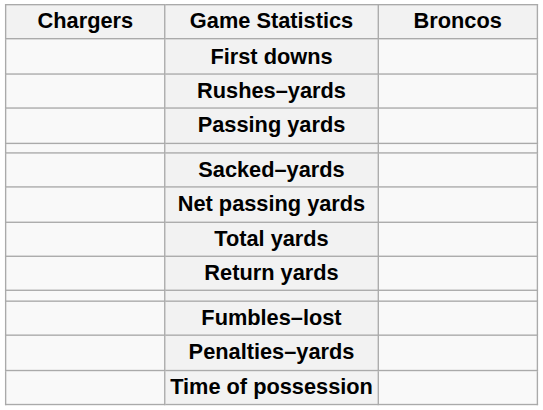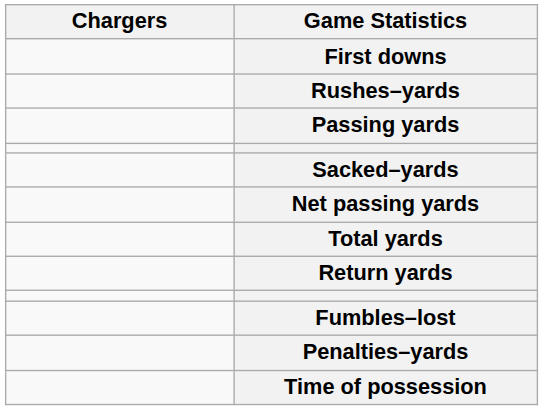 <table class="wikitable" style="margin: 1em auto 1em auto">
 <tr>
 <th style="width:30%;">Chargers</th>
 <th style="width:40%;">Game Statistics</th>
-<th style="width:30%;">Broncos</th>
 </tr>
 <tr>
 <td style="text-align:right;"></td>
 <th>First downs</th>
-<td></td>
 </tr>
 <tr>
 <td style="text-align:right;"></td>
 <th>Rushes–yards</th>
-<td></td>
 </tr>
 <tr>
 <td style="text-align:right;"></td>
 <th>Passing yards</th>
-<td></td>
 </tr>
 <tr>
 <td style="text-align:right;"></td>
 <th></th>
-<td></td>
 </tr>
 <tr>
 <td style="text-align:right;"></td>
 <th>Sacked–yards</th>
-<td></td>
 </tr>
 <tr>
 <td style="text-align:right;"></td>
 <th>Net passing yards</th>
-<td></td>
 </tr>
 <tr>
 <td style="text-align:right;"></td>
 <th>Total yards</th>
-<td></td>
 </tr>
 <tr>
 <td style="text-align:right;"></td>
 <th>Return yards</th>
-<td></td>
 </tr>
 <tr>
 <td style="text-align:right;"></td>
 <th></th>
-<td></td>
 </tr>
 <tr>
 <td style="text-align:right;"></td>
 <th>Fumbles–lost</th>
-<td></td>
 </tr>
 <tr>
 <td style="text-align:right;"></td>
 <th>Penalties–yards</th>
-<td></td>
 </tr>
 <tr>
 <td style="text-align:right;"></td>
 <th>Time of possession</th>
-<td></td>
 </tr>
 </table>
